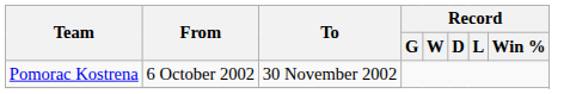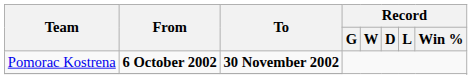 <table class="wikitable sortable">
 <tr>
 <th rowspan="2">Team</th>
 <th rowspan="2">From</th>
 <th rowspan="2">To</th>
 <th colspan="5">Record</th>
 </tr>
 <tr>
 <th>G</th>
 <th>W</th>
 <th>D</th>
 <th>L</th>
 <th>Win %</th>
 </tr>
 <tr>
 <td><a href='#'>Pomorac Kostrena</a></td>
-<td>6 October 2002</td>
-<td>30 November 2002<br></td>
+<td><strong>6 October 2002</strong></td>
+<td><strong>30 November 2002<br></strong></td>
 </tr>
 <tr>
 </tr>
 </table>
